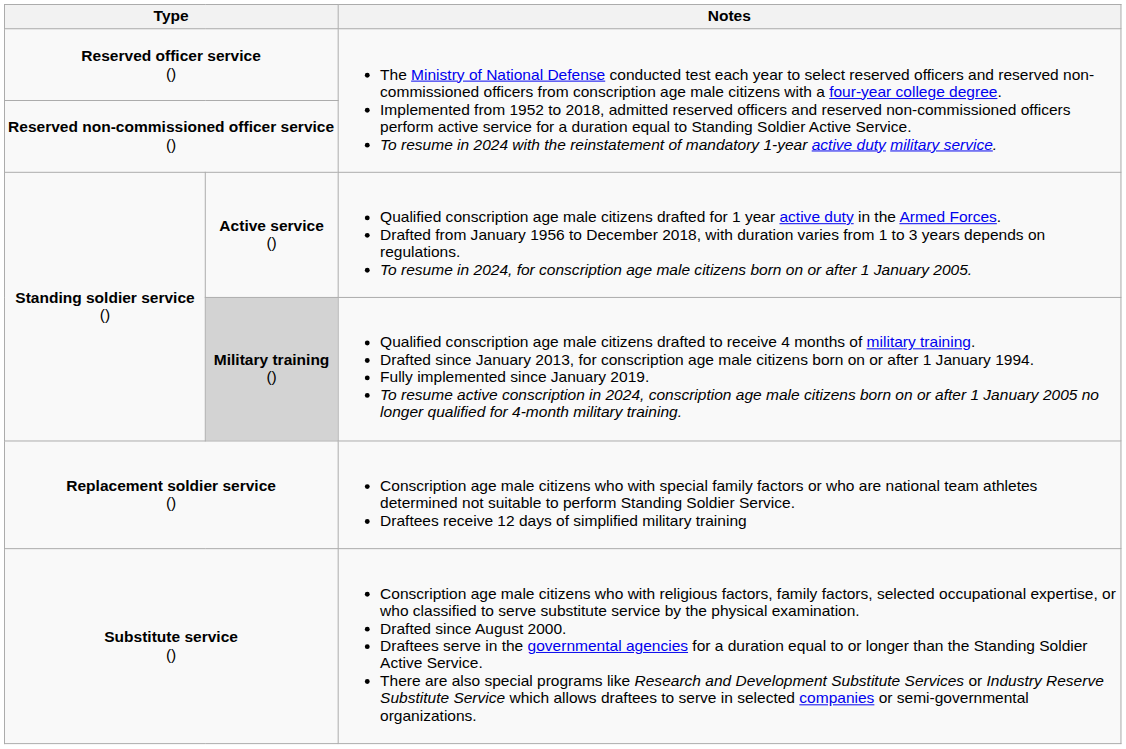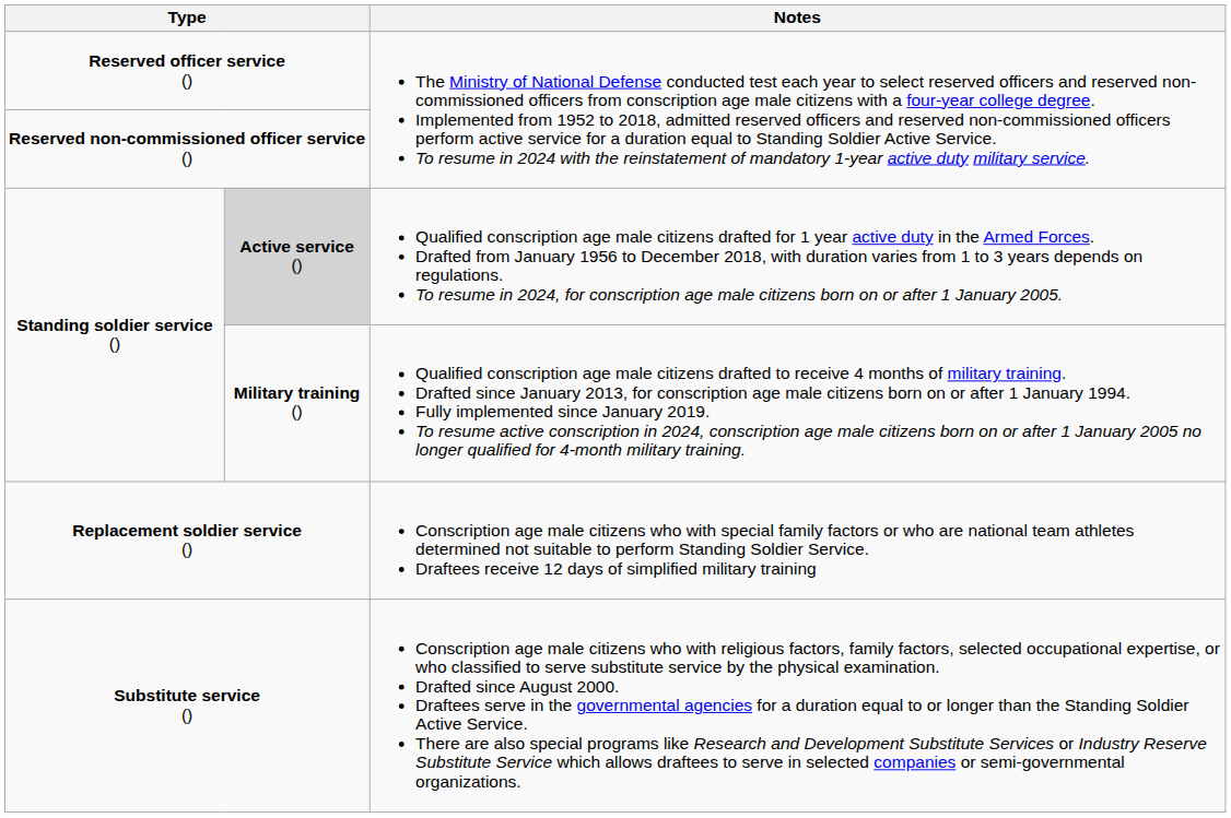 <table class=wikitable>
 <tr>
 <th colspan=2>Type</th>
 <th width=800>Notes</th>
 </tr>
 <tr>
 <td colspan=2 align=center><strong>Reserved officer service</strong><br>()</td>
 <td rowspan=2><br><ul><li>The <a href='#'>Ministry of National Defense</a> conducted test each year to select reserved officers and reserved non-commissioned officers from conscription age male citizens with a <a href='#'>four-year college degree</a>.</li><li>Implemented from 1952 to 2018, admitted reserved officers and reserved non-commissioned officers perform active service for a duration equal to Standing Soldier Active Service.</li><li><em>To resume in 2024 with the reinstatement of mandatory 1-year <a href='#'>active duty</a> <a href='#'>military service</a>.</em></li></ul></td>
 </tr>
 <tr>
 <td colspan=2 align=center><strong>Reserved non-commissioned officer service</strong><br>()</td>
 </tr>
 <tr>
 <td rowspan=2 align=center><strong>Standing soldier service</strong><br>()</td>
-<td align=center><strong>Active service</strong><br>()</td>
+<td align=center style="background: lightgrey;"><strong>Active service</strong><br>()</td>
 <td><br><ul><li>Qualified conscription age male citizens drafted for 1 year <a href='#'>active duty</a> in the <a href='#'>Armed Forces</a>.</li><li>Drafted from January 1956 to December 2018, with duration varies from 1 to 3 years depends on regulations.</li><li><em>To resume in 2024, for conscription age male citizens born on or after 1 January 2005.</em></li></ul></td>
 </tr>
 <tr>
-<td align=center style="background: lightgrey;"><strong>Military training</strong><br>()</td>
+<td align=center><strong>Military training</strong><br>()</td>
 <td><br><ul><li>Qualified conscription age male citizens drafted to receive 4 months of <a href='#'>military training</a>.</li><li>Drafted since January 2013, for conscription age male citizens born on or after 1 January 1994.</li><li>Fully implemented since January 2019.</li><li><em>To resume active conscription in 2024, conscription age male citizens born on or after 1 January 2005 no longer qualified for 4-month military training.</em></li></ul></td>
 </tr>
 <tr>
 <td colspan=2 align=center><strong>Replacement soldier service</strong><br>()</td>
 <td><br><ul><li>Conscription age male citizens who with special family factors or who are national team athletes determined not suitable to perform Standing Soldier Service.</li><li>Draftees receive 12 days of simplified military training</li></ul></td>
 </tr>
 <tr>
 <td colspan=2 align=center><strong>Substitute service</strong><br>()</td>
 <td><br><ul><li>Conscription age male citizens who with religious factors, family factors, selected occupational expertise, or who classified to serve substitute service by the physical examination.</li><li>Drafted since August 2000.</li><li>Draftees serve in the <a href='#'>governmental agencies</a> for a duration equal to or longer than the Standing Soldier Active Service.</li><li>There are also special programs like <em>Research and Development Substitute Services</em> or <em>Industry Reserve Substitute Service</em> which allows draftees to serve in selected <a href='#'>companies</a> or semi-governmental organizations.</li></ul></td>
 </tr>
 </table>
